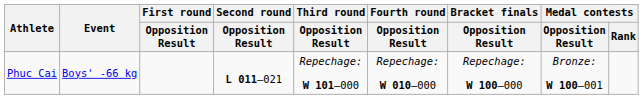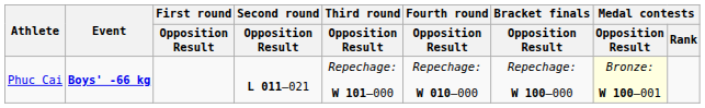 <table class="wikitable" style="font-size:90%; text-align:center;">
 <tr>
 <th rowspan="2">Athlete</th>
 <th rowspan="2">Event</th>
 <th>First round</th>
 <th>Second round</th>
 <th>Third round</th>
 <th>Fourth round</th>
 <th>Bracket finals</th>
 <th colspan="2">Medal contests</th>
 </tr>
 <tr>
 <th>Opposition<br>Result</th>
 <th>Opposition<br>Result</th>
 <th>Opposition<br>Result</th>
 <th>Opposition<br>Result</th>
 <th>Opposition<br>Result</th>
 <th>Opposition<br>Result</th>
 <th>Rank</th>
 </tr>
 <tr>
 <td><a href='#'>Phuc Cai</a></td>
-<td><a href='#'>Boys' -66 kg</a></td>
+<td><strong><a href='#'>Boys' -66 kg</a></strong></td>
 <td></td>
 <td><br><strong>L</strong> <strong>011</strong>–021</td>
 <td><em>Repechage:</em><br><br><strong>W</strong> <strong>101</strong>–000</td>
 <td><em>Repechage:</em><br><br><strong>W</strong> <strong>010</strong>–000</td>
 <td><em>Repechage:</em><br><br><strong>W</strong> <strong>100</strong>–000</td>
-<td><em>Bronze:</em><br><br><strong>W</strong> <strong>100</strong>–001</td>
+<td style="background: lightyellow;"><em>Bronze:</em><br><br><strong>W</strong> <strong>100</strong>–001</td>
 <td></td>
 </tr>
 </table>
